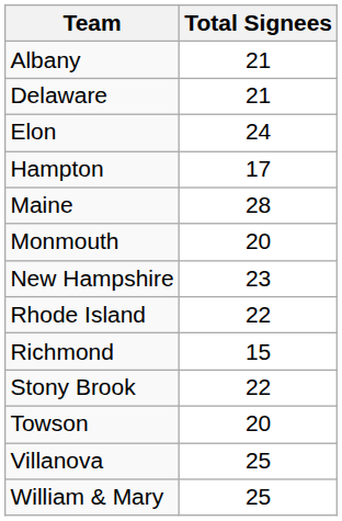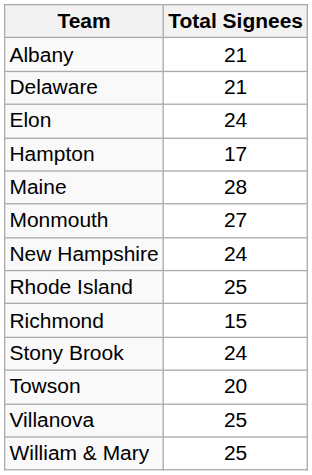 <table class="wikitable">
 <tr>
 <th>Team</th>
 <th>Total Signees</th>
 </tr>
 <tr>
 <td>Albany</td>
 <td style="text-align:center; background:white">21</td>
 </tr>
 <tr>
 <td>Delaware</td>
 <td style="text-align:center; background:white">21</td>
 </tr>
 <tr>
 <td>Elon</td>
 <td style="text-align:center; background:white">24</td>
 </tr>
 <tr>
 <td>Hampton</td>
 <td style="text-align:center; background:white">17</td>
 </tr>
 <tr>
 <td>Maine</td>
 <td style="text-align:center; background:white">28</td>
 </tr>
 <tr>
 <td>Monmouth</td>
-<td style="text-align:center; background:white">20</td>
+<td style="text-align:center; background:white">27</td>
 </tr>
 <tr>
 <td>New Hampshire</td>
-<td style="text-align:center; background:white">23</td>
+<td style="text-align:center; background:white">24</td>
 </tr>
 <tr>
 <td>Rhode Island</td>
-<td style="text-align:center; background:white">22</td>
+<td style="text-align:center; background:white">25</td>
 </tr>
 <tr>
 <td>Richmond</td>
 <td style="text-align:center; background:white">15</td>
 </tr>
 <tr>
 <td>Stony Brook</td>
-<td style="text-align:center; background:white">22</td>
+<td style="text-align:center; background:white">24</td>
 </tr>
 <tr>
 <td>Towson</td>
 <td style="text-align:center; background:white">20</td>
 </tr>
 <tr>
 <td>Villanova</td>
 <td style="text-align:center; background:white">25</td>
 </tr>
 <tr>
 <td>William & Mary</td>
 <td style="text-align:center; background:white">25</td>
 </tr>
 </table>
